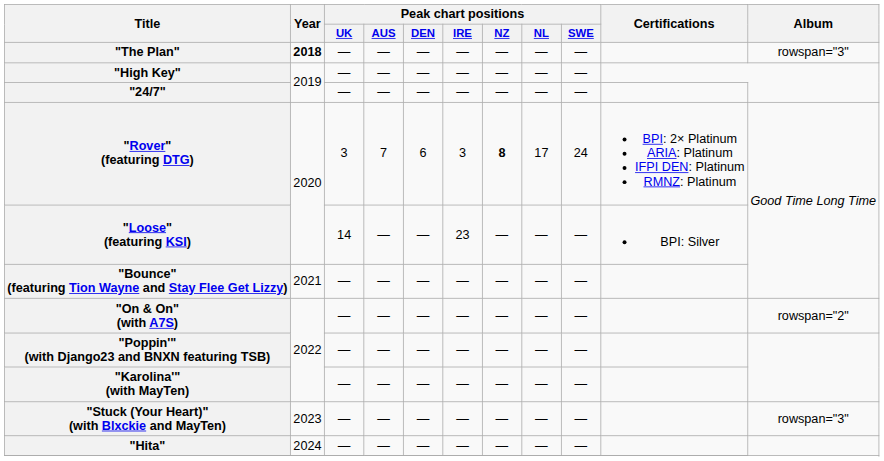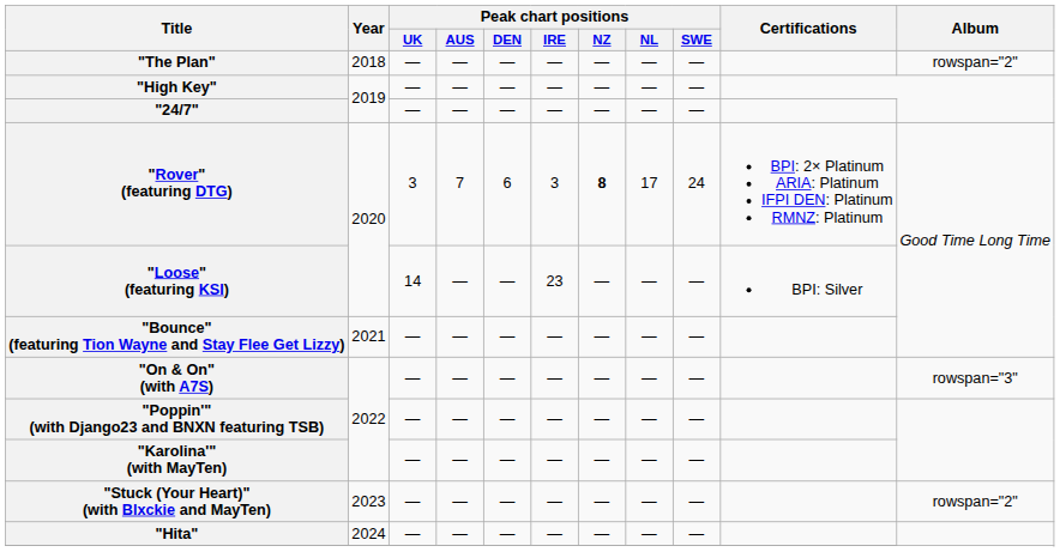 <table class="wikitable plainrowheaders" style="text-align:center;">
 <tr>
 <th rowspan="2">Title</th>
 <th rowspan="2">Year</th>
 <th colspan="7">Peak chart positions</th>
 <th rowspan="2">Certifications</th>
 <th rowspan="2">Album</th>
 </tr>
 <tr>
 <th scope="col" style="width:3em;font-size:90%;"><a href='#'>UK</a><br></th>
 <th scope="col" style="width:3em;font-size:90%;"><a href='#'>AUS</a><br></th>
 <th scope="col" style="width:3em;font-size:90%;"><a href='#'>DEN</a><br></th>
 <th scope="col" style="width:3em;font-size:90%;"><a href='#'>IRE</a><br></th>
 <th scope="col" style="width:3em;font-size:90%;"><a href='#'>NZ</a><br></th>
 <th scope="col" style="width:3em;font-size:90%;"><a href='#'>NL</a><br></th>
 <th scope="col" style="width:3em;font-size:90%;"><a href='#'>SWE</a><br></th>
 </tr>
 <tr>
 <th scope="row">"The Plan"</th>
-<td><strong>2018</strong></td>
+<td>2018</td>
 <td>—</td>
 <td>—</td>
 <td>—</td>
 <td>—</td>
 <td>—</td>
 <td>—</td>
 <td>—</td>
 <td></td>
-<td>rowspan="3" </td>
+<td>rowspan="2" </td>
 </tr>
 <tr>
 <th scope="row">"High Key"</th>
 <td rowspan="2">2019</td>
 <td>—</td>
 <td>—</td>
 <td>—</td>
 <td>—</td>
 <td>—</td>
 <td>—</td>
 <td>—</td>
 </tr>
 <tr>
 <th scope="row">"24/7"</th>
 <td>—</td>
 <td>—</td>
 <td>—</td>
 <td>—</td>
 <td>—</td>
 <td>—</td>
 <td>—</td>
 <td></td>
 </tr>
 <tr>
 <th scope="row">"<a href='#'>Rover</a>"<br><span>(featuring <a href='#'>DTG</a>)</span></th>
 <td rowspan="2">2020</td>
 <td>3</td>
 <td>7</td>
 <td>6</td>
 <td>3</td>
 <td><strong>8</strong></td>
 <td>17</td>
 <td>24</td>
 <td><br><ul><li><a href='#'>BPI</a>: 2× Platinum</li><li><a href='#'>ARIA</a>: Platinum</li><li><a href='#'>IFPI DEN</a>: Platinum</li><li><a href='#'>RMNZ</a>: Platinum</li></ul></td>
 <td rowspan=3><em>Good Time Long Time</em></td>
 </tr>
 <tr>
 <th scope="row">"<a href='#'>Loose</a>"<br><span>(featuring <a href='#'>KSI</a>)</span></th>
 <td>14</td>
 <td>—</td>
 <td>—</td>
 <td>23<br></td>
 <td>—</td>
 <td>—</td>
 <td>—</td>
 <td><br><ul><li>BPI: Silver</li></ul></td>
 </tr>
 <tr>
 <th scope="row">"Bounce"<br><span>(featuring <a href='#'>Tion Wayne</a> and <a href='#'>Stay Flee Get Lizzy</a>)</span></th>
 <td rowspan="1">2021</td>
 <td>—</td>
 <td>—</td>
 <td>—</td>
 <td>—</td>
 <td>—</td>
 <td>—</td>
 <td>—</td>
 <td></td>
 </tr>
 <tr>
 <th scope="row">"On & On"<br><span>(with <a href='#'>A7S</a>)</span></th>
 <td rowspan="3">2022</td>
 <td>—</td>
 <td>—</td>
 <td>—</td>
 <td>—</td>
 <td>—</td>
 <td>—</td>
 <td>—</td>
 <td></td>
-<td>rowspan="2" </td>
+<td>rowspan="3" </td>
 </tr>
 <tr>
 <th scope="row">"Poppin'"<br><span>(with Django23 and BNXN featuring TSB)</span></th>
 <td>—</td>
 <td>—</td>
 <td>—</td>
 <td>—</td>
 <td>—</td>
 <td>—</td>
 <td>—</td>
 <td></td>
 </tr>
 <tr>
 <th scope="row">"Karolina'"<br><span>(with MayTen)</span></th>
 <td>—</td>
 <td>—</td>
 <td>—</td>
 <td>—</td>
 <td>—</td>
 <td>—</td>
 <td>—</td>
 <td></td>
 </tr>
 <tr>
 <th scope="row">"Stuck (Your Heart)"<br> <span>(with <a href='#'>Blxckie</a> and MayTen)</span></th>
 <td rowspan="1">2023</td>
 <td>—</td>
 <td>—</td>
 <td>—</td>
 <td>—</td>
 <td>—</td>
 <td>—</td>
 <td>—</td>
 <td></td>
-<td>rowspan="3" </td>
+<td>rowspan="2" </td>
 </tr>
 <tr>
 <th scope="row">"Hita"<br></th>
 <td>2024</td>
 <td>—</td>
 <td>—</td>
 <td>—</td>
 <td>—</td>
 <td>—</td>
 <td>—</td>
 <td>—</td>
 <td></td>
 </tr>
 <tr>
 </tr>
 </table>
